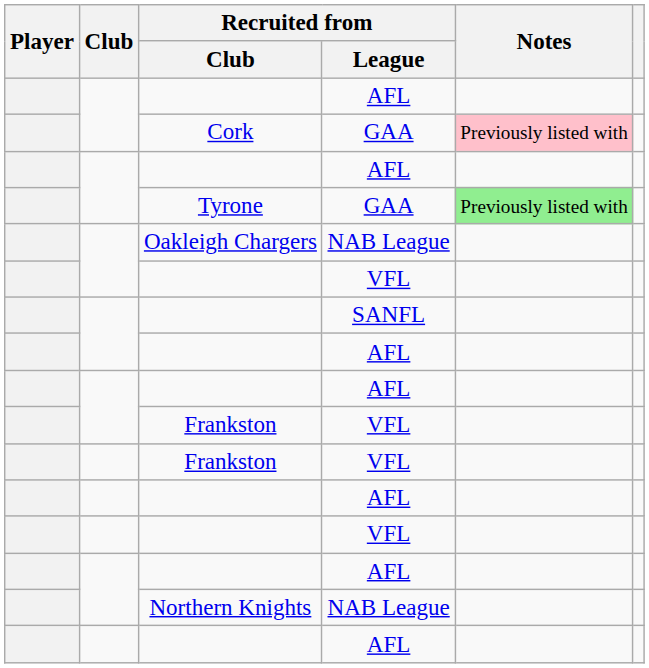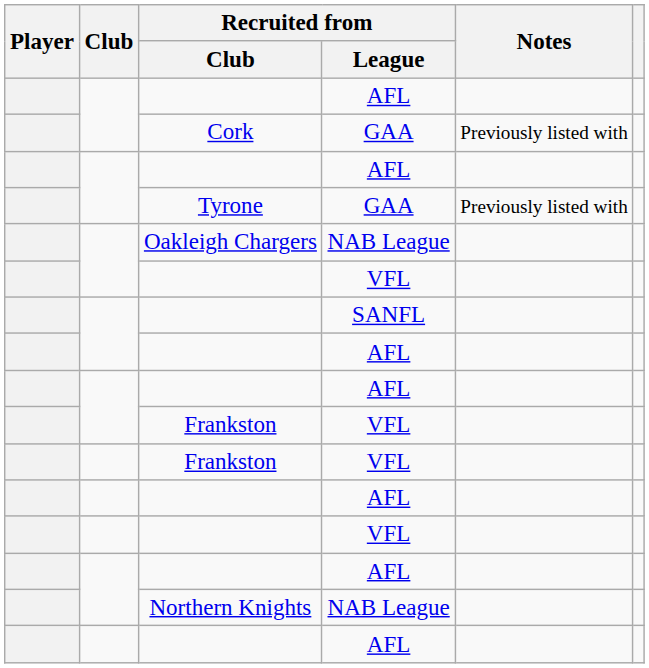 <table class="wikitable sortable plainrowheaders" style="text-align:center;">
 <tr>
 <th rowspan=2>Player</th>
 <th rowspan=2>Club</th>
 <th colspan=2>Recruited from</th>
 <th rowspan=2>Notes</th>
 <th rowspan=2 class="unsortable"></th>
 </tr>
 <tr>
 <th>Club</th>
 <th>League</th>
 </tr>
 <tr>
 <th scope="row"></th>
 <td rowspan=2></td>
 <td></td>
 <td><a href='#'>AFL</a></td>
 <td></td>
 <td></td>
 </tr>
 <tr>
 <th scope="row"></th>
 <td><a href='#'>Cork</a></td>
 <td><a href='#'>GAA</a></td>
-<td style="background: pink;"><small>Previously listed with </small></td>
+<td><small>Previously listed with </small></td>
 <td></td>
 </tr>
 <tr>
 <th scope="row"></th>
 <td rowspan=2></td>
 <td></td>
 <td><a href='#'>AFL</a></td>
 <td></td>
 <td></td>
 </tr>
 <tr>
 <th scope="row"></th>
 <td><a href='#'>Tyrone</a></td>
 <td><a href='#'>GAA</a></td>
-<td style="background: lightgreen;"><small>Previously listed with </small></td>
+<td><small>Previously listed with </small></td>
 <td></td>
 </tr>
 <tr>
 <th scope="row"></th>
 <td rowspan=2></td>
 <td><a href='#'>Oakleigh Chargers</a></td>
 <td><a href='#'>NAB League</a></td>
 <td></td>
 <td></td>
 </tr>
 <tr>
 <th scope="row"></th>
 <td></td>
 <td><a href='#'>VFL</a></td>
 <td></td>
 <td></td>
 </tr>
 <tr>
 <th scope="row"></th>
 <td rowspan=2></td>
 <td></td>
 <td><a href='#'>SANFL</a></td>
 <td></td>
 <td></td>
 </tr>
 <tr>
 <th scope="row"></th>
 <td></td>
 <td><a href='#'>AFL</a></td>
 <td></td>
 <td></td>
 </tr>
 <tr>
 <th scope="row"></th>
 <td rowspan=2></td>
 <td></td>
 <td><a href='#'>AFL</a></td>
 <td></td>
 <td></td>
 </tr>
 <tr>
 <th scope="row"></th>
 <td><a href='#'>Frankston</a></td>
 <td><a href='#'>VFL</a></td>
 <td></td>
 <td></td>
 </tr>
 <tr>
 <th scope="row"></th>
 <td></td>
 <td><a href='#'>Frankston</a></td>
 <td><a href='#'>VFL</a></td>
 <td></td>
 <td></td>
 </tr>
 <tr>
 <th scope="row"></th>
 <td></td>
 <td></td>
 <td><a href='#'>AFL</a></td>
 <td></td>
 <td></td>
 </tr>
 <tr>
 <th scope="row"></th>
 <td></td>
 <td></td>
 <td><a href='#'>VFL</a></td>
 <td></td>
 <td></td>
 </tr>
 <tr>
 <th scope="row"></th>
 <td rowspan=2></td>
 <td></td>
 <td><a href='#'>AFL</a></td>
 <td></td>
 <td></td>
 </tr>
 <tr>
 <th scope="row"></th>
 <td><a href='#'>Northern Knights</a></td>
 <td><a href='#'>NAB League</a></td>
 <td></td>
 <td></td>
 </tr>
 <tr>
 <th scope="row"></th>
 <td></td>
 <td></td>
 <td><a href='#'>AFL</a></td>
 <td></td>
 <td></td>
 </tr>
 </table>
